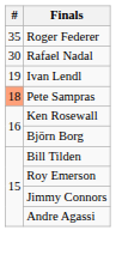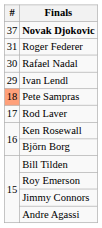 <table class=wikitable style="display:inline-table;">
 <tr>
 <th>#</th>
 <th>Finals</th>
 </tr>
 <tr>
-<td>35</td>
+<td>37</td>
+<td> <strong>Novak Djokovic</strong></td>
+</tr>
+<tr>
+<td>31</td>
 <td> Roger Federer</td>
 </tr>
 <tr>
 <td>30</td>
 <td> Rafael Nadal</td>
 </tr>
 <tr>
-<td>19</td>
+<td>29</td>
 <td> Ivan Lendl</td>
 </tr>
 <tr>
 <td style="background: lightsalmon;">18</td>
 <td> Pete Sampras</td>
+</tr>
+<tr>
+<td>17</td>
+<td> Rod Laver</td>
 </tr>
 <tr>
 <td rowspan="2">16</td>
 <td> Ken Rosewall</td>
 </tr>
 <tr>
 <td> Björn Borg</td>
 </tr>
 <tr>
 <td rowspan="4">15</td>
 <td> Bill Tilden</td>
 </tr>
 <tr>
 <td> Roy Emerson</td>
 </tr>
 <tr>
 <td> Jimmy Connors</td>
 </tr>
 <tr>
 <td> Andre Agassi</td>
 </tr>
 </table>
